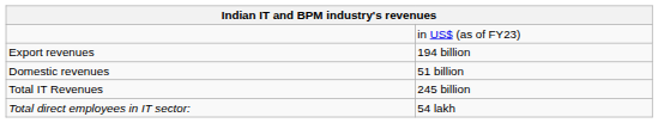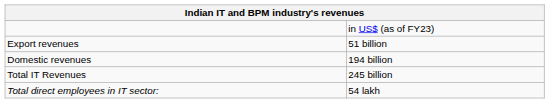 <table class="wikitable" style="float: right; margin-left: 1em; width: 40%; font-size: 90%;">
 <tr>
 <th colspan="8"><strong>Indian IT and BPM industry's revenues</strong></th>
 </tr>
 <tr>
 <td></td>
 <td>in <a href='#'>US$</a> (as of FY23)</td>
 </tr>
 <tr>
 <td>Export revenues</td>
-<td>194 billion</td>
+<td>51 billion</td>
 </tr>
 <tr>
 <td>Domestic revenues</td>
-<td>51 billion</td>
+<td>194 billion</td>
 </tr>
 <tr>
 <td>Total IT Revenues</td>
 <td>245 billion</td>
 </tr>
 <tr>
 <td><em>Total direct employees in IT sector:</em></td>
 <td>54 lakh</td>
 </tr>
 </table>
